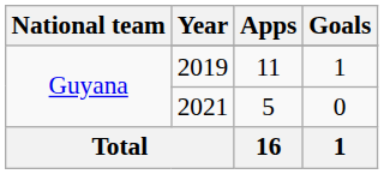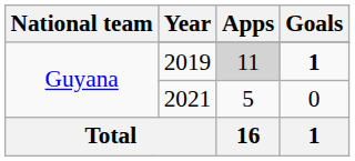 <table class=wikitable style="text-align: center;">
 <tr>
 <th>National team</th>
 <th>Year</th>
 <th>Apps</th>
 <th>Goals</th>
 </tr>
 <tr>
 <td rowspan=3><a href='#'>Guyana</a></td>
 </tr>
 <tr>
 <td>2019</td>
-<td>11</td>
-<td>1</td>
+<td style="background: lightgrey;">11</td>
+<td><strong>1</strong></td>
 </tr>
 <tr>
 <td>2021</td>
 <td>5</td>
 <td>0</td>
 </tr>
 <tr>
 <th colspan=2>Total</th>
 <th>16</th>
 <th>1</th>
 </tr>
 </table>
